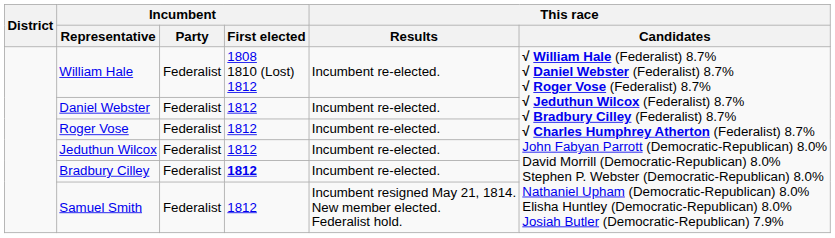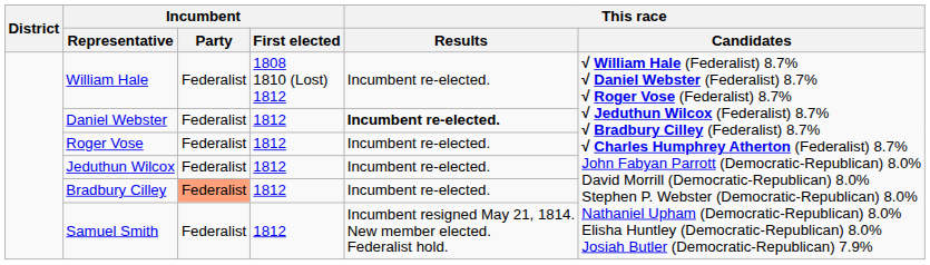 <table class=wikitable>
 <tr>
 <th rowspan=2>District</th>
 <th colspan=3>Incumbent</th>
 <th colspan=2>This race</th>
 </tr>
 <tr>
 <th>Representative</th>
 <th>Party</th>
 <th>First elected</th>
 <th>Results</th>
 <th>Candidates</th>
 </tr>
 <tr>
 <td rowspan=6><br></td>
 <td><a href='#'>William Hale</a></td>
 <td>Federalist</td>
 <td><a href='#'>1808</a><br>1810 (Lost)<br><a href='#'>1812</a></td>
 <td>Incumbent re-elected.</td>
 <td rowspan=6 nowrap><strong>√ <a href='#'>William Hale</a></strong> (Federalist) 8.7%<br><strong>√ <a href='#'>Daniel Webster</a></strong> (Federalist) 8.7%<br><strong>√ <a href='#'>Roger Vose</a></strong> (Federalist) 8.7%<br><strong>√ <a href='#'>Jeduthun Wilcox</a></strong> (Federalist) 8.7%<br><strong>√ <a href='#'>Bradbury Cilley</a></strong> (Federalist) 8.7%<br><strong>√ <a href='#'>Charles Humphrey Atherton</a></strong> (Federalist) 8.7%<br><a href='#'>John Fabyan Parrott</a> (Democratic-Republican) 8.0%<br>David Morrill (Democratic-Republican) 8.0%<br>Stephen P. Webster (Democratic-Republican) 8.0%<br><a href='#'>Nathaniel Upham</a> (Democratic-Republican) 8.0%<br>Elisha Huntley (Democratic-Republican) 8.0%<br><a href='#'>Josiah Butler</a> (Democratic-Republican) 7.9%</td>
 </tr>
 <tr>
 <td><a href='#'>Daniel Webster</a></td>
 <td>Federalist</td>
 <td><a href='#'>1812</a></td>
-<td>Incumbent re-elected.</td>
+<td><strong>Incumbent re-elected.</strong></td>
 </tr>
 <tr>
 <td><a href='#'>Roger Vose</a></td>
 <td>Federalist</td>
 <td><a href='#'>1812</a></td>
 <td>Incumbent re-elected.</td>
 </tr>
 <tr>
 <td><a href='#'>Jeduthun Wilcox</a></td>
 <td>Federalist</td>
 <td><a href='#'>1812</a></td>
 <td>Incumbent re-elected.</td>
 </tr>
 <tr>
 <td><a href='#'>Bradbury Cilley</a></td>
-<td>Federalist</td>
-<td><strong><a href='#'>1812</a></strong></td>
+<td style="background: lightsalmon;">Federalist</td>
+<td><a href='#'>1812</a></td>
 <td>Incumbent re-elected.</td>
 </tr>
 <tr>
 <td><a href='#'>Samuel Smith</a></td>
 <td>Federalist</td>
 <td><a href='#'>1812</a></td>
 <td>Incumbent resigned May 21, 1814.<br>New member elected.<br>Federalist hold.</td>
 </tr>
 </table>
